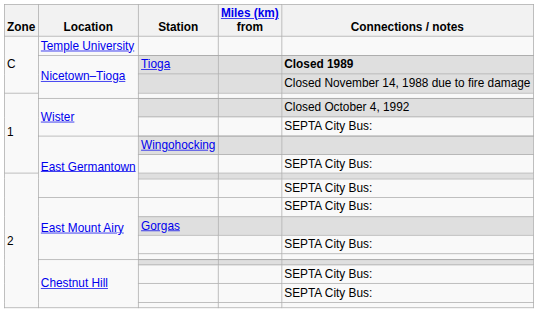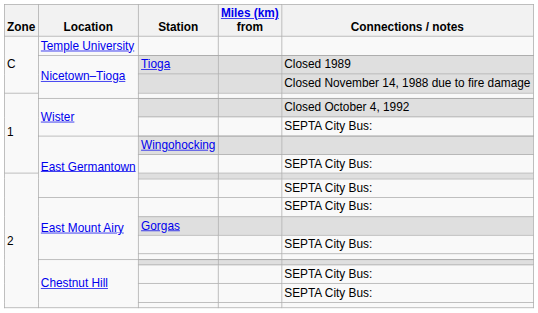 <table class="wikitable">
 <tr style="vertical-align:bottom;"|>
 <th>Zone</th>
 <th>Location</th>
 <th>Station</th>
 <th><a href='#'>Miles (km)</a><br>from<br></th>
 <th class="nowrap">Connections / notes</th>
 </tr>
 <tr>
 <td rowspan=4>C</td>
 <td><a href='#'>Temple University</a></td>
 <td> </td>
 <td></td>
 <td></td>
 </tr>
 <tr>
 <td rowspan=4><a href='#'>Nicetown–Tioga</a></td>
 </tr>
 <tr bgcolor=dfdfdf>
 <td><a href='#'>Tioga</a></td>
 <td></td>
-<td><strong>Closed 1989</strong></td>
+<td>Closed 1989</td>
 </tr>
 <tr bgcolor=dfdfdf>
 <td></td>
 <td></td>
 <td>Closed November 14, 1988 due to fire damage</td>
 </tr>
 <tr>
 <td rowspan=7>1</td>
 <td> </td>
 <td></td>
 <td></td>
 </tr>
 <tr>
 <td rowspan=3><a href='#'>Wister</a></td>
 </tr>
 <tr bgcolor=dfdfdf>
 <td></td>
 <td></td>
 <td>Closed October 4, 1992</td>
 </tr>
 <tr>
 <td></td>
 <td></td>
 <td> SEPTA City Bus: </td>
 </tr>
 <tr>
 <td rowspan=5><a href='#'>East Germantown</a></td>
 </tr>
 <tr bgcolor=dfdfdf>
 <td><a href='#'>Wingohocking</a></td>
 <td></td>
 <td></td>
 </tr>
 <tr>
 <td></td>
 <td></td>
 <td> SEPTA City Bus: </td>
 </tr>
 <tr>
 <td rowspan=11>2</td>
 <td bgcolor=dfdfdf></td>
 <td bgcolor=dfdfdf></td>
 <td bgcolor=dfdfdf></td>
 </tr>
 <tr>
 <td></td>
 <td></td>
 <td> SEPTA City Bus: </td>
 </tr>
 <tr>
 <td rowspan=4><a href='#'>East Mount Airy</a></td>
 <td></td>
 <td></td>
 <td> SEPTA City Bus: </td>
 </tr>
 <tr bgcolor=dfdfdf>
 <td><a href='#'>Gorgas</a></td>
 <td></td>
 <td></td>
 </tr>
 <tr>
 <td></td>
 <td></td>
 <td> SEPTA City Bus: </td>
 </tr>
 <tr>
 <td></td>
 <td></td>
 <td></td>
 </tr>
 <tr>
 <td rowspan=5><a href='#'>Chestnut Hill</a></td>
 </tr>
 <tr bgcolor=dfdfdf>
 <td></td>
 <td></td>
 <td></td>
 </tr>
 <tr>
 <td></td>
 <td></td>
 <td> SEPTA City Bus: </td>
 </tr>
 <tr>
 <td></td>
 <td></td>
 <td> SEPTA City Bus: </td>
 </tr>
 <tr>
 <td></td>
 <td></td>
 <td></td>
 </tr>
 </table>
